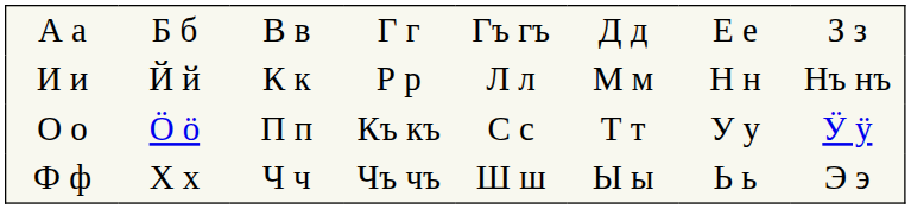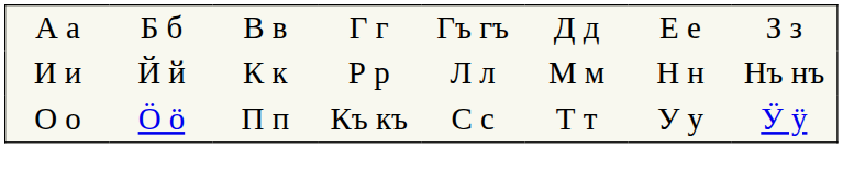 <table style="font-family:Arial Unicode MS; font-size:1.4em; border-color:#000000; border-width:1px; border-style:solid; border-collapse:collapse; background-color:#F8F8EF">
 <tr>
 <td style="width:3em; text-align:center; padding: 3px;">А а</td>
 <td style="width:3em; text-align:center; padding: 3px;">Б б</td>
 <td style="width:3em; text-align:center; padding: 3px;">В в</td>
 <td style="width:3em; text-align:center; padding: 3px;">Г г</td>
 <td style="width:3em; text-align:center; padding: 3px;">Гъ гъ</td>
 <td style="width:3em; text-align:center; padding: 3px;">Д д</td>
 <td style="width:3em; text-align:center; padding: 3px;">Е е</td>
 <td style="width:3em; text-align:center; padding: 3px;">З з</td>
 </tr>
 <tr>
 <td style="width:3em; text-align:center; padding: 3px;">И и</td>
 <td style="width:3em; text-align:center; padding: 3px;">Й й</td>
 <td style="width:3em; text-align:center; padding: 3px;">К к</td>
 <td style="width:3em; text-align:center; padding: 3px;">Р р</td>
 <td style="width:3em; text-align:center; padding: 3px;">Л л</td>
 <td style="width:3em; text-align:center; padding: 3px;">М м</td>
 <td style="width:3em; text-align:center; padding: 3px;">Н н</td>
 <td style="width:3em; text-align:center; padding: 3px;">Нъ нъ</td>
 </tr>
 <tr>
 <td style="width:3em; text-align:center; padding: 3px;">О о</td>
 <td style="width:3em; text-align:center; padding: 3px;"><a href='#'>Ӧ ӧ</a></td>
 <td style="width:3em; text-align:center; padding: 3px;">П п</td>
 <td style="width:3em; text-align:center; padding: 3px;">Къ къ</td>
 <td style="width:3em; text-align:center; padding: 3px;">С с</td>
 <td style="width:3em; text-align:center; padding: 3px;">Т т</td>
 <td style="width:3em; text-align:center; padding: 3px;">У у</td>
 <td style="width:3em; text-align:center; padding: 3px;"><a href='#'>Ӱ ӱ</a></td>
 </tr>
-<tr>
-<td style="width:3em; text-align:center; padding: 3px;">Ф ф</td>
-<td style="width:3em; text-align:center; padding: 3px;">Х х</td>
-<td style="width:3em; text-align:center; padding: 3px;">Ч ч</td>
-<td style="width:3em; text-align:center; padding: 3px;">Чъ чъ</td>
-<td style="width:3em; text-align:center; padding: 3px;">Ш ш</td>
-<td style="width:3em; text-align:center; padding: 3px;">Ы ы</td>
-<td style="width:3em; text-align:center; padding: 3px;">Ь ь</td>
-<td style="width:3em; text-align:center; padding: 3px;">Э э</td>
-</tr>
 </table>
